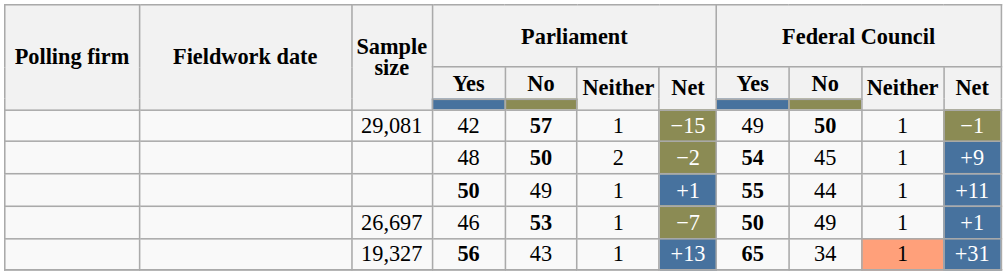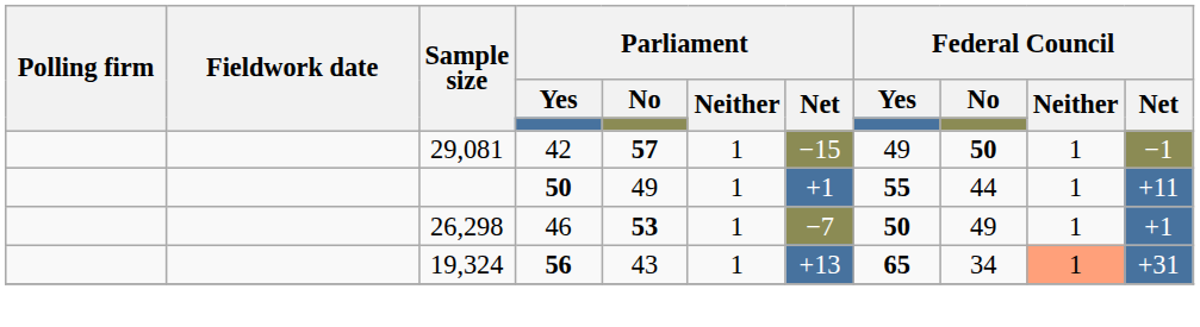 <table class="wikitable" style="text-align:center;font-size:90%;line-height:14px;">
 <tr style="height:40px;">
 <th style="width:80px;" rowspan="3">Polling firm</th>
 <th style="width:130px;" rowspan="3">Fieldwork date</th>
 <th style="width:35px;" rowspan="3">Sample<br>size</th>
 <th colspan="4">Parliament</th>
 <th colspan="4">Federal Council</th>
 </tr>
 <tr>
 <th style="width:40px;">Yes</th>
 <th style="width:40px;">No</th>
 <th style="width:30px;" rowspan="2">Neither</th>
 <th style="width:30px;" rowspan="2">Net</th>
 <th style="width:40px;">Yes</th>
 <th style="width:40px;">No</th>
 <th style="width:30px;" rowspan="2">Neither</th>
 <th style="width:30px;" rowspan="2">Net</th>
 </tr>
 <tr>
 <th style="background:#47729E;"></th>
 <th style="background:#8B8B54;"></th>
 <th style="background:#47729E;"></th>
 <th style="background:#8B8B54;"></th>
 </tr>
 <tr>
 <td></td>
 <td></td>
 <td>29,081</td>
 <td>42</td>
 <td style="background:#"><strong>57</strong></td>
 <td>1</td>
 <td style="background:#8B8B54;color:#FFFFFF;">−15</td>
 <td>49</td>
 <td style="background:#"><strong>50</strong></td>
 <td>1</td>
 <td style="background:#8B8B54;color:#FFFFFF;">−1</td>
 </tr>
 <tr>
 <td></td>
 <td></td>
 <td></td>
-<td>48</td>
-<td style="background:#"><strong>50</strong></td>
-<td>2</td>
-<td style="background:#8B8B54;color:#FFFFFF;">−2</td>
-<td style="background:#"><strong>54</strong></td>
-<td>45</td>
-<td>1</td>
-<td style="background:#47729E;color:#FFFFFF;">+9</td>
-</tr>
-<tr>
-<td></td>
-<td></td>
-<td></td>
 <td style="background:#"><strong>50</strong></td>
 <td>49</td>
 <td>1</td>
 <td style="background:#47729E;color:#FFFFFF;">+1</td>
 <td style="background:#"><strong>55</strong></td>
 <td>44</td>
 <td>1</td>
 <td style="background:#47729E;color:#FFFFFF;">+11</td>
 </tr>
 <tr>
 <td></td>
 <td></td>
-<td>26,697</td>
+<td>26,298</td>
 <td>46</td>
 <td style="background:#"><strong>53</strong></td>
 <td>1</td>
 <td style="background:#8B8B54;color:#FFFFFF;">−7</td>
 <td style="background:#"><strong>50</strong></td>
 <td>49</td>
 <td>1</td>
 <td style="background:#47729E;color:#FFFFFF;">+1</td>
 </tr>
 <tr>
 <td></td>
 <td></td>
-<td>19,327</td>
+<td>19,324</td>
 <td style="background:#"><strong>56</strong></td>
 <td>43</td>
 <td>1</td>
 <td style="background:#47729E;color:#FFFFFF;">+13</td>
 <td style="background:#"><strong>65</strong></td>
 <td>34</td>
 <td style="background: lightsalmon;">1</td>
 <td style="background:#47729E;color:#FFFFFF;">+31</td>
 </tr>
 <tr>
 </tr>
 </table>
